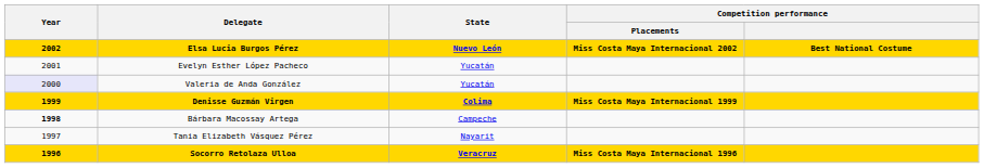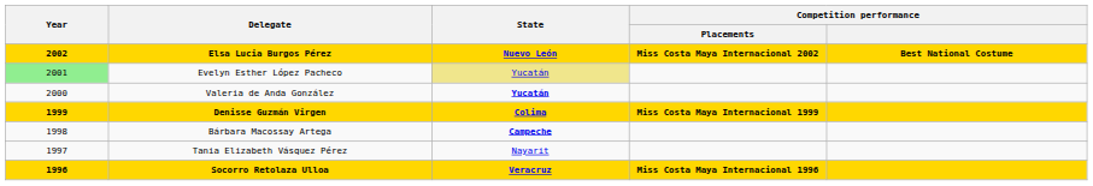 <table class="wikitable" style="text-align:center; line-height:20px; font-size:90%; width:90%;">
 <tr>
 <th rowspan="2"  width=60px>Year</th>
 <th rowspan="2"  width=200px>Delegate</th>
 <th rowspan="2"  width=120px>State</th>
 <th colspan="2"  width=200px>Competition performance</th>
 </tr>
 <tr>
 <th width=120px>Placements</th>
 <th width=160px></th>
 </tr>
 <tr style="background-color:GOLD; font-weight: bold">
 <td>2002</td>
 <td>Elsa Lucia Burgos Pérez</td>
 <td><a href='#'>Nuevo León</a></td>
 <td>Miss Costa Maya Internacional 2002</td>
 <td>Best National Costume</td>
 </tr>
 <tr>
-<td>2001</td>
+<td style="background: lightgreen;">2001</td>
 <td>Evelyn Esther López Pacheco</td>
-<td><a href='#'>Yucatán</a></td>
+<td style="background: khaki;"><a href='#'>Yucatán</a></td>
 <td></td>
 <td></td>
 </tr>
 <tr>
-<td style="background: lavender;">2000</td>
+<td>2000</td>
 <td>Valeria de Anda González</td>
-<td><a href='#'>Yucatán</a></td>
+<td><strong><a href='#'>Yucatán</a></strong></td>
 <td></td>
 <td></td>
 </tr>
 <tr style="background-color:GOLD; font-weight: bold">
 <td>1999</td>
 <td>Denisse Guzmán Virgen</td>
 <td><a href='#'>Colima</a></td>
 <td>Miss Costa Maya Internacional 1999</td>
 <td></td>
 </tr>
 <tr>
-<td><strong>1998</strong></td>
+<td>1998</td>
 <td>Bárbara Macossay Artega</td>
-<td><a href='#'>Campeche</a></td>
+<td><strong><a href='#'>Campeche</a></strong></td>
 <td></td>
 <td></td>
 </tr>
 <tr>
 <td>1997</td>
 <td>Tania Elizabeth Vásquez Pérez</td>
 <td><a href='#'>Nayarit</a></td>
 <td></td>
 <td></td>
 </tr>
 <tr style="background-color:GOLD; font-weight: bold">
 <td>1996</td>
 <td>Socorro Retolaza Ulloa</td>
 <td><a href='#'>Veracruz</a></td>
 <td>Miss Costa Maya Internacional 1996</td>
 <td></td>
 </tr>
 </table>
